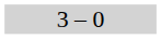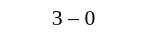 <table style="text-align:center">
 <tr>
 <th width=200></th>
 <th width=100></th>
 <th width=200></th>
 </tr>
 <tr>
 <td align=right><strong></strong></td>
-<td style="background: lightgrey;">3 – 0</td>
+<td>3 – 0</td>
 <td align=left></td>
 </tr>
 </table>
